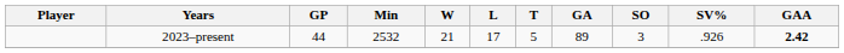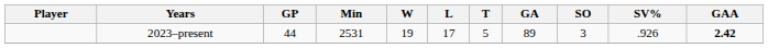 <table class="wikitable sortable" width = 1000>
 <tr>
 <th>Player</th>
 <th>Years</th>
 <th>GP</th>
 <th>Min</th>
 <th>W</th>
 <th>L</th>
 <th>T</th>
 <th>GA</th>
 <th>SO</th>
 <th>SV%</th>
 <th>GAA</th>
 </tr>
 <tr align=center>
 <td></td>
 <td>2023–present</td>
 <td>44</td>
-<td>2532</td>
-<td>21</td>
+<td>2531</td>
+<td>19</td>
 <td>17</td>
 <td>5</td>
 <td>89</td>
 <td>3</td>
 <td>.926</td>
 <td><strong>2.42</strong></td>
 </tr>
 <tr>
 </tr>
 </table>
